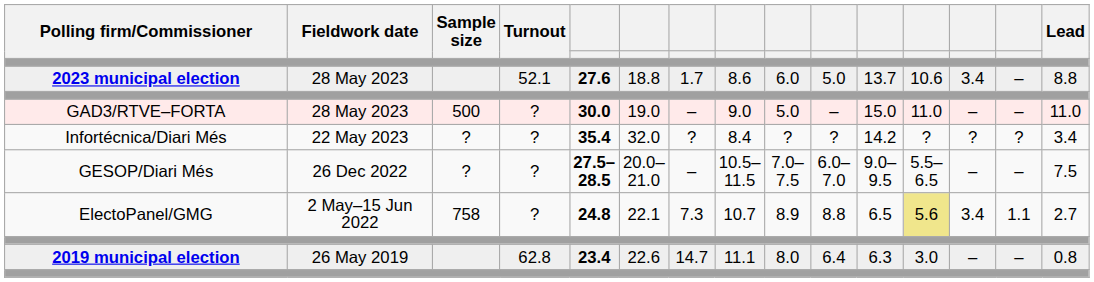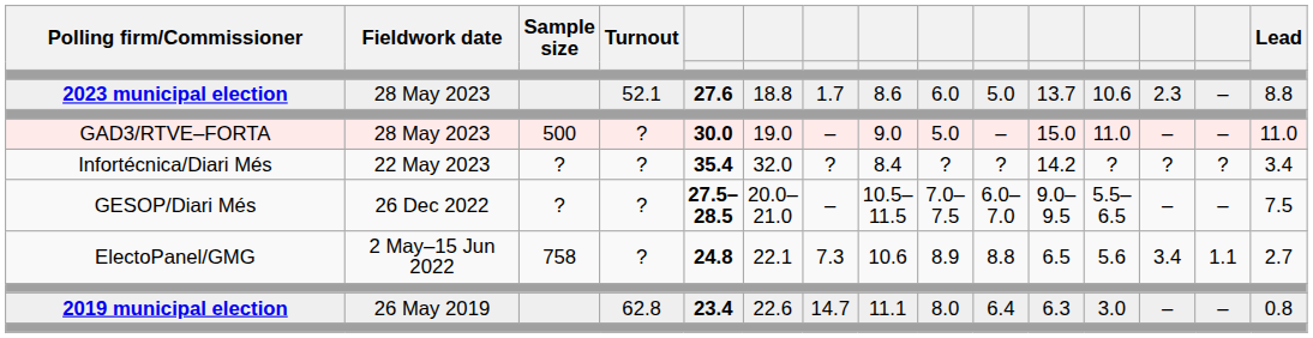 <table class="wikitable collapsible collapsed" style="text-align:center; font-size:95%; line-height:16px;">
 <tr style="height:42px;">
 <th style="width:250px;" rowspan="2">Polling firm/Commissioner</th>
 <th style="width:125px;" rowspan="2">Fieldwork date</th>
 <th style="width:50px;" rowspan="2">Sample size</th>
 <th style="width:45px;" rowspan="2">Turnout</th>
 <th style="width:35px;"></th>
 <th style="width:35px;"></th>
 <th style="width:35px;"></th>
 <th style="width:35px;"><br></th>
 <th style="width:35px;"></th>
 <th style="width:35px;"></th>
 <th style="width:35px;"></th>
 <th style="width:35px;"></th>
 <th style="width:35px;"></th>
 <th style="width:35px;"></th>
 <th style="width:30px;" rowspan="2">Lead</th>
 </tr>
 <tr>
 <th style="color:inherit;background:"></th>
 <th style="color:inherit;background:"></th>
 <th style="color:inherit;background:"></th>
 <th style="color:inherit;background:"></th>
 <th style="color:inherit;background:"></th>
 <th style="color:inherit;background:"></th>
 <th style="color:inherit;background:"></th>
 <th style="color:inherit;background:"></th>
 <th style="color:inherit;background:"></th>
 <th style="color:inherit;background:"></th>
 </tr>
 <tr>
 <td colspan="15" style="background:#A0A0A0"></td>
 </tr>
 <tr style="background:#EFEFEF;">
 <td><strong><a href='#'>2023 municipal election</a></strong></td>
 <td>28 May 2023</td>
 <td></td>
 <td>52.1</td>
 <td><strong>27.6</strong><br></td>
 <td>18.8<br></td>
 <td>1.7<br></td>
 <td>8.6<br></td>
 <td>6.0<br></td>
 <td>5.0<br></td>
 <td>13.7<br></td>
 <td>10.6<br></td>
-<td>3.4<br></td>
+<td>2.3<br></td>
 <td>–</td>
 <td style="background:">8.8</td>
 </tr>
 <tr>
 <td colspan="15" style="background:#A0A0A0"></td>
 </tr>
 <tr style="background:#FFEAEA;">
 <td>GAD3/RTVE–FORTA</td>
 <td>28 May 2023</td>
 <td>500</td>
 <td>?</td>
 <td><strong>30.0</strong><br></td>
 <td>19.0<br></td>
 <td>–</td>
 <td>9.0<br></td>
 <td>5.0<br></td>
 <td>–</td>
 <td>15.0<br></td>
 <td>11.0<br></td>
 <td>–</td>
 <td>–</td>
 <td style="background:">11.0</td>
 </tr>
 <tr>
 <td>Infortécnica/Diari Més</td>
 <td>22 May 2023</td>
 <td>?</td>
 <td>?</td>
 <td><strong>35.4</strong><br></td>
 <td>32.0<br></td>
 <td>?<br></td>
 <td>8.4<br></td>
 <td>?<br></td>
 <td>?<br></td>
 <td>14.2<br></td>
 <td>?<br></td>
 <td>?<br></td>
 <td>?<br></td>
 <td style="background:">3.4</td>
 </tr>
 <tr>
 <td>GESOP/Diari Més</td>
 <td>26 Dec 2022</td>
 <td>?</td>
 <td>?</td>
 <td><strong>27.5–<br>28.5</strong><br></td>
 <td>20.0–<br>21.0<br></td>
 <td>–</td>
 <td>10.5–<br>11.5<br></td>
 <td>7.0–<br>7.5<br></td>
 <td>6.0–<br>7.0<br></td>
 <td>9.0–<br>9.5<br></td>
 <td>5.5–<br>6.5<br></td>
 <td>–</td>
 <td>–</td>
 <td style="background:">7.5</td>
 </tr>
 <tr>
 <td>ElectoPanel/GMG</td>
 <td>2 May–15 Jun 2022</td>
 <td>758</td>
 <td>?</td>
 <td><strong>24.8</strong><br></td>
 <td>22.1<br></td>
 <td>7.3<br></td>
-<td>10.7<br></td>
+<td>10.6<br></td>
 <td>8.9<br></td>
 <td>8.8<br></td>
 <td>6.5<br></td>
-<td style="background: khaki;">5.6<br></td>
+<td>5.6<br></td>
 <td>3.4<br></td>
 <td>1.1<br></td>
 <td style="background:">2.7</td>
 </tr>
 <tr>
 <td colspan="15" style="background:#A0A0A0"></td>
 </tr>
 <tr style="background:#EFEFEF;">
 <td><strong><a href='#'>2019 municipal election</a></strong></td>
 <td>26 May 2019</td>
 <td></td>
 <td>62.8</td>
 <td><strong>23.4</strong><br></td>
 <td>22.6<br></td>
 <td>14.7<br></td>
 <td>11.1<br></td>
 <td>8.0<br></td>
 <td>6.4<br></td>
 <td>6.3<br></td>
 <td>3.0<br></td>
 <td>–</td>
 <td>–</td>
 <td style="background:">0.8</td>
 </tr>
 <tr>
 <td colspan="15" style="background:#A0A0A0"></td>
 </tr>
 </table>
